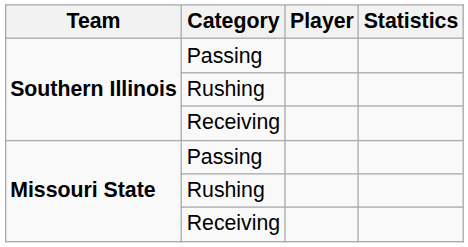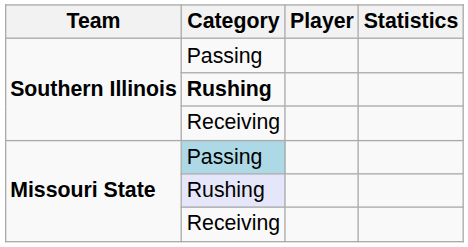 <table class="wikitable" style="float: right;">
 <tr>
 <th>Team</th>
 <th>Category</th>
 <th>Player</th>
 <th>Statistics</th>
 </tr>
 <tr>
 <td rowspan=3><strong>Southern Illinois</strong></td>
 <td>Passing</td>
 <td></td>
 <td></td>
 </tr>
 <tr>
-<td>Rushing</td>
+<td><strong>Rushing</strong></td>
 <td></td>
 <td></td>
 </tr>
 <tr>
 <td>Receiving</td>
 <td></td>
 <td></td>
 </tr>
 <tr>
 <td rowspan=3><strong>Missouri State</strong></td>
-<td>Passing</td>
+<td style="background: lightblue;">Passing</td>
 <td></td>
 <td></td>
 </tr>
 <tr>
-<td>Rushing</td>
+<td style="background: lavender;">Rushing</td>
 <td></td>
 <td></td>
 </tr>
 <tr>
 <td>Receiving</td>
 <td></td>
 <td></td>
 </tr>
 </table>
